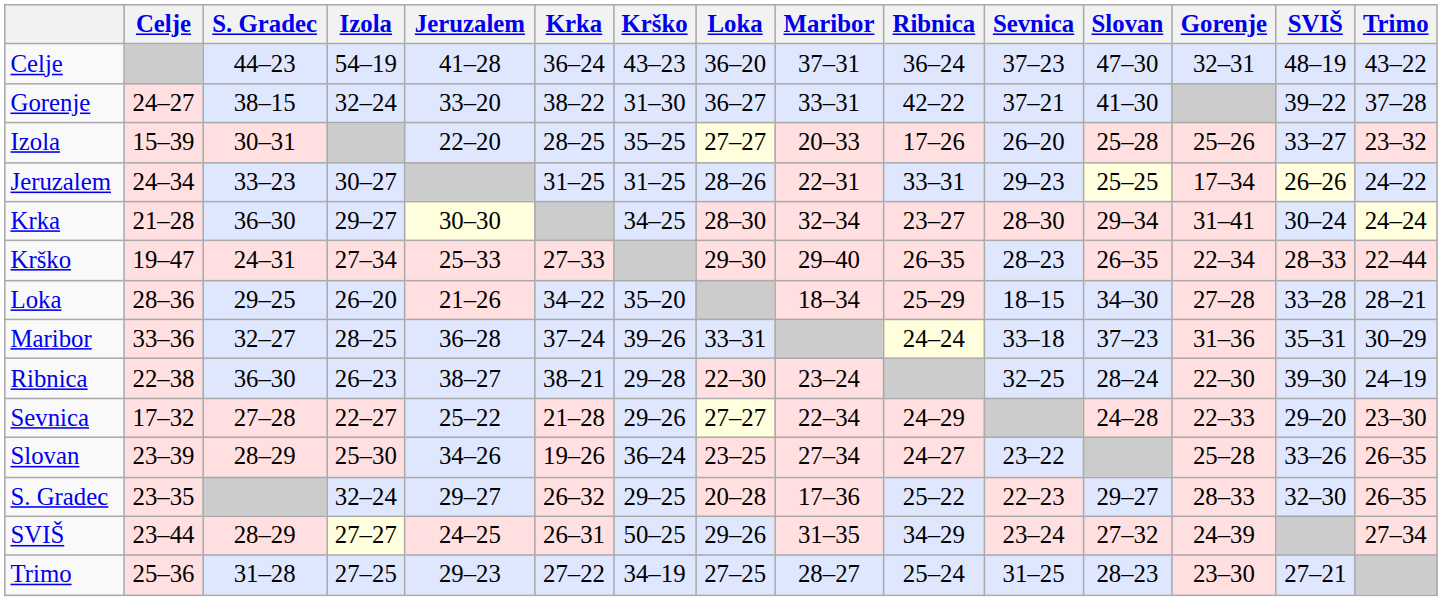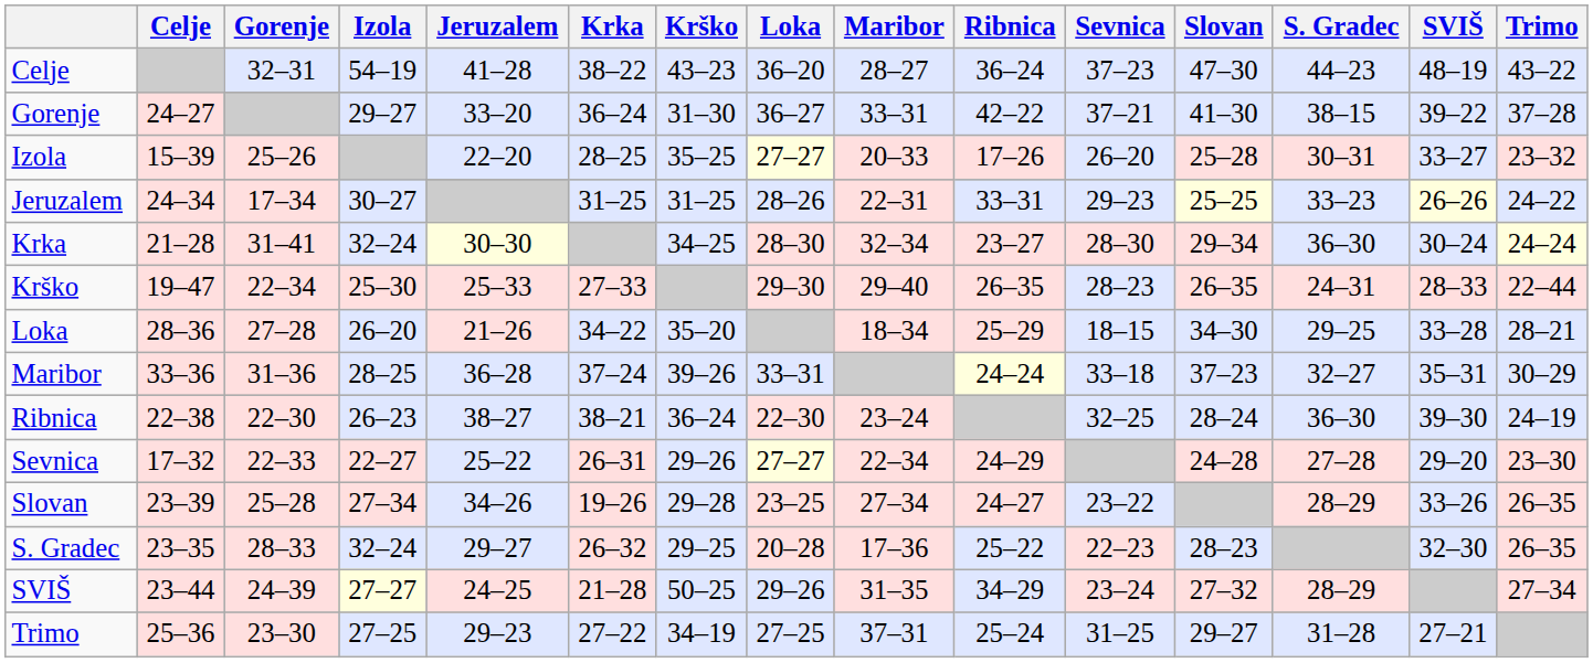 <table class="wikitable" style="text-align: center;" width="925">
 <tr>
 <th></th>
 <th><a href='#'>Celje</a></th>
-<th><a href='#'>S. Gradec</a></th>
+<th><a href='#'>Gorenje</a></th>
 <th><a href='#'>Izola</a></th>
 <th><a href='#'>Jeruzalem</a></th>
 <th><a href='#'>Krka</a></th>
 <th><a href='#'>Krško</a></th>
 <th><a href='#'>Loka</a></th>
 <th><a href='#'>Maribor</a></th>
 <th><a href='#'>Ribnica</a></th>
 <th><a href='#'>Sevnica</a></th>
 <th><a href='#'>Slovan</a></th>
-<th><a href='#'>Gorenje</a></th>
+<th><a href='#'>S. Gradec</a></th>
 <th><a href='#'>SVIŠ</a></th>
 <th><a href='#'>Trimo</a></th>
 </tr>
 <tr>
 <td style="text-align: left;"><a href='#'>Celje</a></td>
 <td bgcolor=#CCCCCC> </td>
-<td bgcolor=#DFE7FF>44–23</td>
+<td bgcolor=#DFE7FF>32–31</td>
 <td bgcolor=#DFE7FF>54–19</td>
 <td bgcolor=#DFE7FF>41–28</td>
-<td bgcolor=#DFE7FF>36–24</td>
+<td bgcolor=#DFE7FF>38–22</td>
 <td bgcolor=#DFE7FF>43–23</td>
 <td bgcolor=#DFE7FF>36–20</td>
-<td bgcolor=#DFE7FF>37–31</td>
+<td bgcolor=#DFE7FF>28–27</td>
 <td bgcolor=#DFE7FF>36–24</td>
 <td bgcolor=#DFE7FF>37–23</td>
 <td bgcolor=#DFE7FF>47–30</td>
-<td bgcolor=#DFE7FF>32–31</td>
+<td bgcolor=#DFE7FF>44–23</td>
 <td bgcolor=#DFE7FF>48–19</td>
 <td bgcolor=#DFE7FF>43–22</td>
 </tr>
 <tr>
 <td style="text-align: left;"><a href='#'>Gorenje</a></td>
 <td bgcolor=#FFDFDF>24–27</td>
-<td bgcolor=#DFE7FF>38–15</td>
-<td bgcolor=#DFE7FF>32–24</td>
+<td bgcolor=#CCCCCC> </td>
+<td bgcolor=#DFE7FF>29–27</td>
 <td bgcolor=#DFE7FF>33–20</td>
-<td bgcolor=#DFE7FF>38–22</td>
+<td bgcolor=#DFE7FF>36–24</td>
 <td bgcolor=#DFE7FF>31–30</td>
 <td bgcolor=#DFE7FF>36–27</td>
 <td bgcolor=#DFE7FF>33–31</td>
 <td bgcolor=#DFE7FF>42–22</td>
 <td bgcolor=#DFE7FF>37–21</td>
 <td bgcolor=#DFE7FF>41–30</td>
-<td bgcolor=#CCCCCC> </td>
+<td bgcolor=#DFE7FF>38–15</td>
 <td bgcolor=#DFE7FF>39–22</td>
 <td bgcolor=#DFE7FF>37–28</td>
 </tr>
 <tr>
 <td style="text-align: left;"><a href='#'>Izola</a></td>
 <td bgcolor=#FFDFDF>15–39</td>
-<td bgcolor=#FFDFDF>30–31</td>
+<td bgcolor=#FFDFDF>25–26</td>
 <td bgcolor=#CCCCCC> </td>
 <td bgcolor=#DFE7FF>22–20</td>
 <td bgcolor=#DFE7FF>28–25</td>
 <td bgcolor=#DFE7FF>35–25</td>
 <td bgcolor=#FFFFDD>27–27</td>
 <td bgcolor=#FFDFDF>20–33</td>
 <td bgcolor=#FFDFDF>17–26</td>
 <td bgcolor=#DFE7FF>26–20</td>
 <td bgcolor=#FFDFDF>25–28</td>
-<td bgcolor=#FFDFDF>25–26</td>
+<td bgcolor=#FFDFDF>30–31</td>
 <td bgcolor=#DFE7FF>33–27</td>
 <td bgcolor=#FFDFDF>23–32</td>
 </tr>
 <tr>
 <td style="text-align: left;"><a href='#'>Jeruzalem</a></td>
 <td bgcolor=#FFDFDF>24–34</td>
-<td bgcolor=#DFE7FF>33–23</td>
+<td bgcolor=#FFDFDF>17–34</td>
 <td bgcolor=#DFE7FF>30–27</td>
 <td bgcolor=#CCCCCC> </td>
 <td bgcolor=#DFE7FF>31–25</td>
 <td bgcolor=#DFE7FF>31–25</td>
 <td bgcolor=#DFE7FF>28–26</td>
 <td bgcolor=#FFDFDF>22–31</td>
 <td bgcolor=#DFE7FF>33–31</td>
 <td bgcolor=#DFE7FF>29–23</td>
 <td bgcolor=#FFFFDD>25–25</td>
-<td bgcolor=#FFDFDF>17–34</td>
+<td bgcolor=#DFE7FF>33–23</td>
 <td bgcolor=#FFFFDD>26–26</td>
 <td bgcolor=#DFE7FF>24–22</td>
 </tr>
 <tr>
 <td style="text-align: left;"><a href='#'>Krka</a></td>
 <td bgcolor=#FFDFDF>21–28</td>
-<td bgcolor=#DFE7FF>36–30</td>
-<td bgcolor=#DFE7FF>29–27</td>
+<td bgcolor=#FFDFDF>31–41</td>
+<td bgcolor=#DFE7FF>32–24</td>
 <td bgcolor=#FFFFDD>30–30</td>
 <td bgcolor=#CCCCCC> </td>
 <td bgcolor=#DFE7FF>34–25</td>
 <td bgcolor=#FFDFDF>28–30</td>
 <td bgcolor=#FFDFDF>32–34</td>
 <td bgcolor=#FFDFDF>23–27</td>
 <td bgcolor=#FFDFDF>28–30</td>
 <td bgcolor=#FFDFDF>29–34</td>
-<td bgcolor=#FFDFDF>31–41</td>
+<td bgcolor=#DFE7FF>36–30</td>
 <td bgcolor=#DFE7FF>30–24</td>
 <td bgcolor=#FFFFDD>24–24</td>
 </tr>
 <tr>
 <td style="text-align: left;"><a href='#'>Krško</a></td>
 <td bgcolor=#FFDFDF>19–47</td>
-<td bgcolor=#FFDFDF>24–31</td>
-<td bgcolor=#FFDFDF>27–34</td>
+<td bgcolor=#FFDFDF>22–34</td>
+<td bgcolor=#FFDFDF>25–30</td>
 <td bgcolor=#FFDFDF>25–33</td>
 <td bgcolor=#FFDFDF>27–33</td>
 <td bgcolor=#CCCCCC> </td>
 <td bgcolor=#FFDFDF>29–30</td>
 <td bgcolor=#FFDFDF>29–40</td>
 <td bgcolor=#FFDFDF>26–35</td>
 <td bgcolor=#DFE7FF>28–23</td>
 <td bgcolor=#FFDFDF>26–35</td>
-<td bgcolor=#FFDFDF>22–34</td>
+<td bgcolor=#FFDFDF>24–31</td>
 <td bgcolor=#FFDFDF>28–33</td>
 <td bgcolor=#FFDFDF>22–44</td>
 </tr>
 <tr>
 <td style="text-align: left;"><a href='#'>Loka</a></td>
 <td bgcolor=#FFDFDF>28–36</td>
-<td bgcolor=#DFE7FF>29–25</td>
+<td bgcolor=#FFDFDF>27–28</td>
 <td bgcolor=#DFE7FF>26–20</td>
 <td bgcolor=#FFDFDF>21–26</td>
 <td bgcolor=#DFE7FF>34–22</td>
 <td bgcolor=#DFE7FF>35–20</td>
 <td bgcolor=#CCCCCC> </td>
 <td bgcolor=#FFDFDF>18–34</td>
 <td bgcolor=#FFDFDF>25–29</td>
 <td bgcolor=#DFE7FF>18–15</td>
 <td bgcolor=#DFE7FF>34–30</td>
-<td bgcolor=#FFDFDF>27–28</td>
+<td bgcolor=#DFE7FF>29–25</td>
 <td bgcolor=#DFE7FF>33–28</td>
 <td bgcolor=#DFE7FF>28–21</td>
 </tr>
 <tr>
 <td style="text-align: left;"><a href='#'>Maribor</a></td>
 <td bgcolor=#FFDFDF>33–36</td>
-<td bgcolor=#DFE7FF>32–27</td>
+<td bgcolor=#FFDFDF>31–36</td>
 <td bgcolor=#DFE7FF>28–25</td>
 <td bgcolor=#DFE7FF>36–28</td>
 <td bgcolor=#DFE7FF>37–24</td>
 <td bgcolor=#DFE7FF>39–26</td>
 <td bgcolor=#DFE7FF>33–31</td>
 <td bgcolor=#CCCCCC> </td>
 <td bgcolor=#FFFFDD>24–24</td>
 <td bgcolor=#DFE7FF>33–18</td>
 <td bgcolor=#DFE7FF>37–23</td>
-<td bgcolor=#FFDFDF>31–36</td>
+<td bgcolor=#DFE7FF>32–27</td>
 <td bgcolor=#DFE7FF>35–31</td>
 <td bgcolor=#DFE7FF>30–29</td>
 </tr>
 <tr>
 <td style="text-align: left;"><a href='#'>Ribnica</a></td>
 <td bgcolor=#FFDFDF>22–38</td>
-<td bgcolor=#DFE7FF>36–30</td>
+<td bgcolor=#FFDFDF>22–30</td>
 <td bgcolor=#DFE7FF>26–23</td>
 <td bgcolor=#DFE7FF>38–27</td>
 <td bgcolor=#DFE7FF>38–21</td>
-<td bgcolor=#DFE7FF>29–28</td>
+<td bgcolor=#DFE7FF>36–24</td>
 <td bgcolor=#FFDFDF>22–30</td>
 <td bgcolor=#FFDFDF>23–24</td>
 <td bgcolor=#CCCCCC> </td>
 <td bgcolor=#DFE7FF>32–25</td>
 <td bgcolor=#DFE7FF>28–24</td>
-<td bgcolor=#FFDFDF>22–30</td>
+<td bgcolor=#DFE7FF>36–30</td>
 <td bgcolor=#DFE7FF>39–30</td>
 <td bgcolor=#DFE7FF>24–19</td>
 </tr>
 <tr>
 <td style="text-align: left;"><a href='#'>Sevnica</a></td>
 <td bgcolor=#FFDFDF>17–32</td>
-<td bgcolor=#FFDFDF>27–28</td>
+<td bgcolor=#FFDFDF>22–33</td>
 <td bgcolor=#FFDFDF>22–27</td>
 <td bgcolor=#DFE7FF>25–22</td>
-<td bgcolor=#FFDFDF>21–28</td>
+<td bgcolor=#FFDFDF>26–31</td>
 <td bgcolor=#DFE7FF>29–26</td>
 <td bgcolor=#FFFFDD>27–27</td>
 <td bgcolor=#FFDFDF>22–34</td>
 <td bgcolor=#FFDFDF>24–29</td>
 <td bgcolor=#CCCCCC> </td>
 <td bgcolor=#FFDFDF>24–28</td>
-<td bgcolor=#FFDFDF>22–33</td>
+<td bgcolor=#FFDFDF>27–28</td>
 <td bgcolor=#DFE7FF>29–20</td>
 <td bgcolor=#FFDFDF>23–30</td>
 </tr>
 <tr>
 <td style="text-align: left;"><a href='#'>Slovan</a></td>
 <td bgcolor=#FFDFDF>23–39</td>
-<td bgcolor=#FFDFDF>28–29</td>
-<td bgcolor=#FFDFDF>25–30</td>
+<td bgcolor=#FFDFDF>25–28</td>
+<td bgcolor=#FFDFDF>27–34</td>
 <td bgcolor=#DFE7FF>34–26</td>
 <td bgcolor=#FFDFDF>19–26</td>
-<td bgcolor=#DFE7FF>36–24</td>
+<td bgcolor=#DFE7FF>29–28</td>
 <td bgcolor=#FFDFDF>23–25</td>
 <td bgcolor=#FFDFDF>27–34</td>
 <td bgcolor=#FFDFDF>24–27</td>
 <td bgcolor=#DFE7FF>23–22</td>
 <td bgcolor=#CCCCCC> </td>
-<td bgcolor=#FFDFDF>25–28</td>
+<td bgcolor=#FFDFDF>28–29</td>
 <td bgcolor=#DFE7FF>33–26</td>
 <td bgcolor=#FFDFDF>26–35</td>
 </tr>
 <tr>
 <td style="text-align: left;"><a href='#'>S. Gradec</a></td>
 <td bgcolor=#FFDFDF>23–35</td>
-<td bgcolor=#CCCCCC> </td>
+<td bgcolor=#FFDFDF>28–33</td>
 <td bgcolor=#DFE7FF>32–24</td>
 <td bgcolor=#DFE7FF>29–27</td>
 <td bgcolor=#FFDFDF>26–32</td>
 <td bgcolor=#DFE7FF>29–25</td>
 <td bgcolor=#FFDFDF>20–28</td>
 <td bgcolor=#FFDFDF>17–36</td>
 <td bgcolor=#DFE7FF>25–22</td>
 <td bgcolor=#FFDFDF>22–23</td>
-<td bgcolor=#DFE7FF>29–27</td>
-<td bgcolor=#FFDFDF>28–33</td>
+<td bgcolor=#DFE7FF>28–23</td>
+<td bgcolor=#CCCCCC> </td>
 <td bgcolor=#DFE7FF>32–30</td>
 <td bgcolor=#FFDFDF>26–35</td>
 </tr>
 <tr>
 <td style="text-align: left;"><a href='#'>SVIŠ</a></td>
 <td bgcolor=#FFDFDF>23–44</td>
-<td bgcolor=#FFDFDF>28–29</td>
+<td bgcolor=#FFDFDF>24–39</td>
 <td bgcolor=#FFFFDD>27–27</td>
 <td bgcolor=#FFDFDF>24–25</td>
-<td bgcolor=#FFDFDF>26–31</td>
+<td bgcolor=#FFDFDF>21–28</td>
 <td bgcolor=#DFE7FF>50–25</td>
 <td bgcolor=#DFE7FF>29–26</td>
 <td bgcolor=#FFDFDF>31–35</td>
 <td bgcolor=#DFE7FF>34–29</td>
 <td bgcolor=#FFDFDF>23–24</td>
 <td bgcolor=#FFDFDF>27–32</td>
-<td bgcolor=#FFDFDF>24–39</td>
+<td bgcolor=#FFDFDF>28–29</td>
 <td bgcolor=#CCCCCC> </td>
 <td bgcolor=#FFDFDF>27–34</td>
 </tr>
 <tr>
 <td style="text-align: left;"><a href='#'>Trimo</a></td>
 <td bgcolor=#FFDFDF>25–36</td>
-<td bgcolor=#DFE7FF>31–28</td>
+<td bgcolor=#FFDFDF>23–30</td>
 <td bgcolor=#DFE7FF>27–25</td>
 <td bgcolor=#DFE7FF>29–23</td>
 <td bgcolor=#DFE7FF>27–22</td>
 <td bgcolor=#DFE7FF>34–19</td>
 <td bgcolor=#DFE7FF>27–25</td>
-<td bgcolor=#DFE7FF>28–27</td>
+<td bgcolor=#DFE7FF>37–31</td>
 <td bgcolor=#DFE7FF>25–24</td>
 <td bgcolor=#DFE7FF>31–25</td>
-<td bgcolor=#DFE7FF>28–23</td>
-<td bgcolor=#FFDFDF>23–30</td>
+<td bgcolor=#DFE7FF>29–27</td>
+<td bgcolor=#DFE7FF>31–28</td>
 <td bgcolor=#DFE7FF>27–21</td>
 <td bgcolor=#CCCCCC> </td>
 </tr>
 </table>
